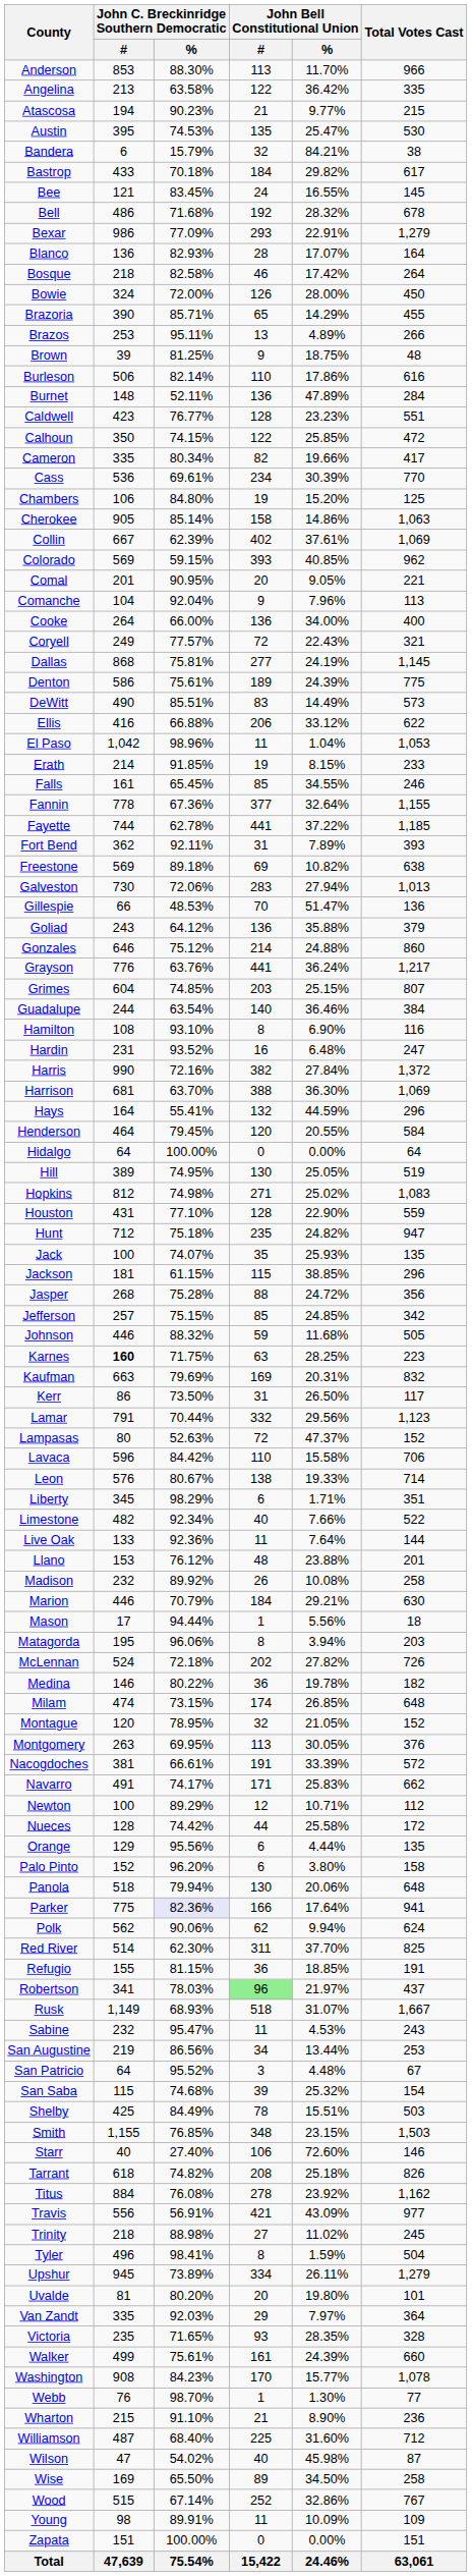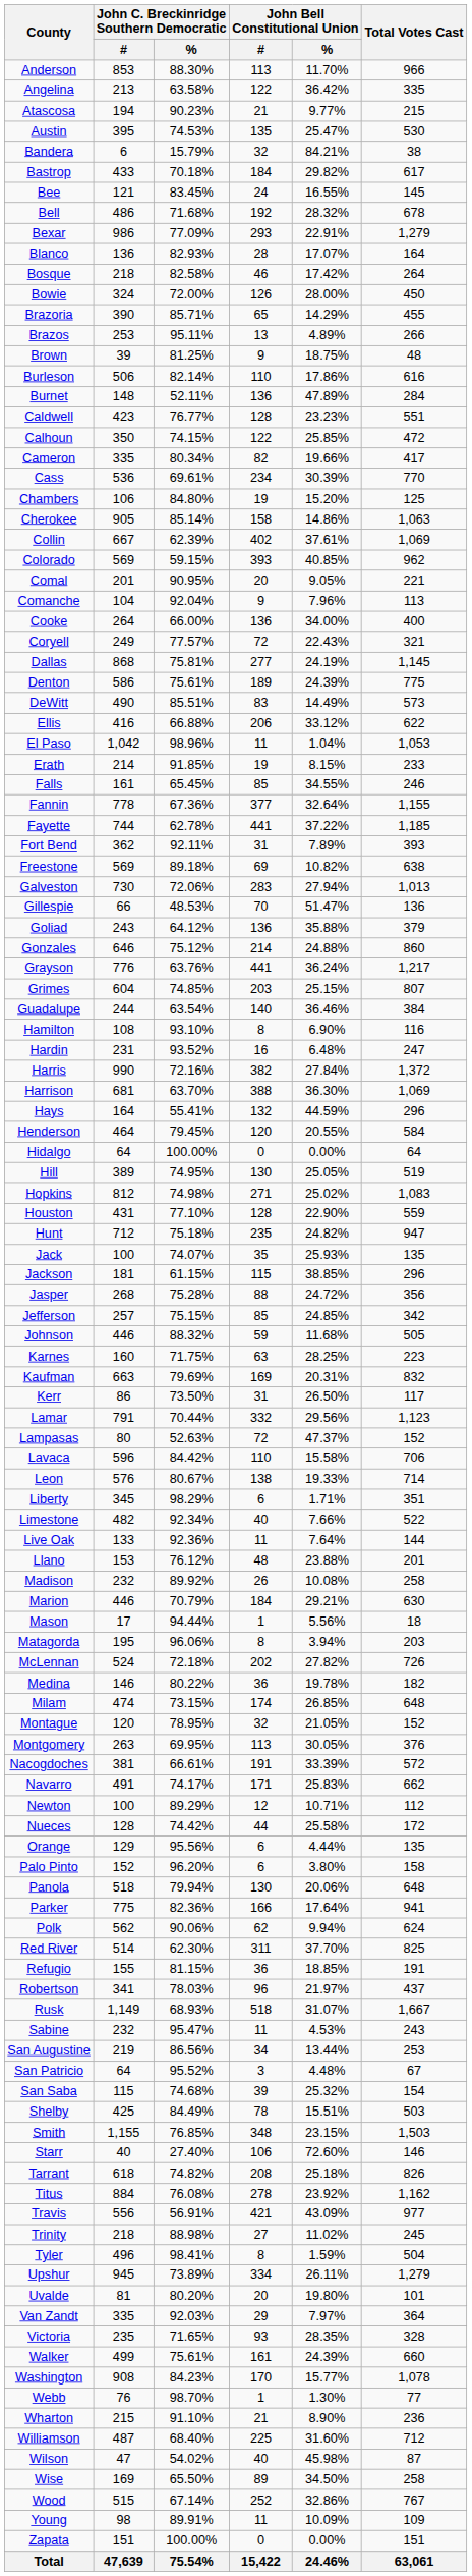 <table class="wikitable sortable">
 <tr>
 <th rowspan="2">County</th>
 <th colspan="2">John C. Breckinridge<br>Southern Democratic</th>
 <th colspan="2">John Bell<br>Constitutional Union</th>
 <th rowspan="2">Total Votes Cast</th>
 </tr>
 <tr style="text-align:center;">
 <th>#</th>
 <th>%</th>
 <th>#</th>
 <th>%</th>
 </tr>
 <tr style="text-align:center;">
 <td><a href='#'>Anderson</a></td>
 <td>853</td>
 <td>88.30%</td>
 <td>113</td>
 <td>11.70%</td>
 <td>966</td>
 </tr>
 <tr style="text-align:center;">
 <td><a href='#'>Angelina</a></td>
 <td>213</td>
 <td>63.58%</td>
 <td>122</td>
 <td>36.42%</td>
 <td>335</td>
 </tr>
 <tr style="text-align:center;">
 <td><a href='#'>Atascosa</a></td>
 <td>194</td>
 <td>90.23%</td>
 <td>21</td>
 <td>9.77%</td>
 <td>215</td>
 </tr>
 <tr style="text-align:center;">
 <td><a href='#'>Austin</a></td>
 <td>395</td>
 <td>74.53%</td>
 <td>135</td>
 <td>25.47%</td>
 <td>530</td>
 </tr>
 <tr style="text-align:center;">
 <td><a href='#'>Bandera</a></td>
 <td>6</td>
 <td>15.79%</td>
 <td>32</td>
 <td>84.21%</td>
 <td>38</td>
 </tr>
 <tr style="text-align:center;">
 <td><a href='#'>Bastrop</a></td>
 <td>433</td>
 <td>70.18%</td>
 <td>184</td>
 <td>29.82%</td>
 <td>617</td>
 </tr>
 <tr style="text-align:center;">
 <td><a href='#'>Bee</a></td>
 <td>121</td>
 <td>83.45%</td>
 <td>24</td>
 <td>16.55%</td>
 <td>145</td>
 </tr>
 <tr style="text-align:center;">
 <td><a href='#'>Bell</a></td>
 <td>486</td>
 <td>71.68%</td>
 <td>192</td>
 <td>28.32%</td>
 <td>678</td>
 </tr>
 <tr style="text-align:center;">
 <td><a href='#'>Bexar</a></td>
 <td>986</td>
 <td>77.09%</td>
 <td>293</td>
 <td>22.91%</td>
 <td>1,279</td>
 </tr>
 <tr style="text-align:center;">
 <td><a href='#'>Blanco</a></td>
 <td>136</td>
 <td>82.93%</td>
 <td>28</td>
 <td>17.07%</td>
 <td>164</td>
 </tr>
 <tr style="text-align:center;">
 <td><a href='#'>Bosque</a></td>
 <td>218</td>
 <td>82.58%</td>
 <td>46</td>
 <td>17.42%</td>
 <td>264</td>
 </tr>
 <tr style="text-align:center;">
 <td><a href='#'>Bowie</a></td>
 <td>324</td>
 <td>72.00%</td>
 <td>126</td>
 <td>28.00%</td>
 <td>450</td>
 </tr>
 <tr style="text-align:center;">
 <td><a href='#'>Brazoria</a></td>
 <td>390</td>
 <td>85.71%</td>
 <td>65</td>
 <td>14.29%</td>
 <td>455</td>
 </tr>
 <tr style="text-align:center;">
 <td><a href='#'>Brazos</a></td>
 <td>253</td>
 <td>95.11%</td>
 <td>13</td>
 <td>4.89%</td>
 <td>266</td>
 </tr>
 <tr style="text-align:center;">
 <td><a href='#'>Brown</a></td>
 <td>39</td>
 <td>81.25%</td>
 <td>9</td>
 <td>18.75%</td>
 <td>48</td>
 </tr>
 <tr style="text-align:center;">
 <td><a href='#'>Burleson</a></td>
 <td>506</td>
 <td>82.14%</td>
 <td>110</td>
 <td>17.86%</td>
 <td>616</td>
 </tr>
 <tr style="text-align:center;">
 <td><a href='#'>Burnet</a></td>
 <td>148</td>
 <td>52.11%</td>
 <td>136</td>
 <td>47.89%</td>
 <td>284</td>
 </tr>
 <tr style="text-align:center;">
 <td><a href='#'>Caldwell</a></td>
 <td>423</td>
 <td>76.77%</td>
 <td>128</td>
 <td>23.23%</td>
 <td>551</td>
 </tr>
 <tr style="text-align:center;">
 <td><a href='#'>Calhoun</a></td>
 <td>350</td>
 <td>74.15%</td>
 <td>122</td>
 <td>25.85%</td>
 <td>472</td>
 </tr>
 <tr style="text-align:center;">
 <td><a href='#'>Cameron</a></td>
 <td>335</td>
 <td>80.34%</td>
 <td>82</td>
 <td>19.66%</td>
 <td>417</td>
 </tr>
 <tr style="text-align:center;">
 <td><a href='#'>Cass</a></td>
 <td>536</td>
 <td>69.61%</td>
 <td>234</td>
 <td>30.39%</td>
 <td>770</td>
 </tr>
 <tr style="text-align:center;">
 <td><a href='#'>Chambers</a></td>
 <td>106</td>
 <td>84.80%</td>
 <td>19</td>
 <td>15.20%</td>
 <td>125</td>
 </tr>
 <tr style="text-align:center;">
 <td><a href='#'>Cherokee</a></td>
 <td>905</td>
 <td>85.14%</td>
 <td>158</td>
 <td>14.86%</td>
 <td>1,063</td>
 </tr>
 <tr style="text-align:center;">
 <td><a href='#'>Collin</a></td>
 <td>667</td>
 <td>62.39%</td>
 <td>402</td>
 <td>37.61%</td>
 <td>1,069</td>
 </tr>
 <tr style="text-align:center;">
 <td><a href='#'>Colorado</a></td>
 <td>569</td>
 <td>59.15%</td>
 <td>393</td>
 <td>40.85%</td>
 <td>962</td>
 </tr>
 <tr style="text-align:center;">
 <td><a href='#'>Comal</a></td>
 <td>201</td>
 <td>90.95%</td>
 <td>20</td>
 <td>9.05%</td>
 <td>221</td>
 </tr>
 <tr style="text-align:center;">
 <td><a href='#'>Comanche</a></td>
 <td>104</td>
 <td>92.04%</td>
 <td>9</td>
 <td>7.96%</td>
 <td>113</td>
 </tr>
 <tr style="text-align:center;">
 <td><a href='#'>Cooke</a></td>
 <td>264</td>
 <td>66.00%</td>
 <td>136</td>
 <td>34.00%</td>
 <td>400</td>
 </tr>
 <tr style="text-align:center;">
 <td><a href='#'>Coryell</a></td>
 <td>249</td>
 <td>77.57%</td>
 <td>72</td>
 <td>22.43%</td>
 <td>321</td>
 </tr>
 <tr style="text-align:center;">
 <td><a href='#'>Dallas</a></td>
 <td>868</td>
 <td>75.81%</td>
 <td>277</td>
 <td>24.19%</td>
 <td>1,145</td>
 </tr>
 <tr style="text-align:center;">
 <td><a href='#'>Denton</a></td>
 <td>586</td>
 <td>75.61%</td>
 <td>189</td>
 <td>24.39%</td>
 <td>775</td>
 </tr>
 <tr style="text-align:center;">
 <td><a href='#'>DeWitt</a></td>
 <td>490</td>
 <td>85.51%</td>
 <td>83</td>
 <td>14.49%</td>
 <td>573</td>
 </tr>
 <tr style="text-align:center;">
 <td><a href='#'>Ellis</a></td>
 <td>416</td>
 <td>66.88%</td>
 <td>206</td>
 <td>33.12%</td>
 <td>622</td>
 </tr>
 <tr style="text-align:center;">
 <td><a href='#'>El Paso</a></td>
 <td>1,042</td>
 <td>98.96%</td>
 <td>11</td>
 <td>1.04%</td>
 <td>1,053</td>
 </tr>
 <tr style="text-align:center;">
 <td><a href='#'>Erath</a></td>
 <td>214</td>
 <td>91.85%</td>
 <td>19</td>
 <td>8.15%</td>
 <td>233</td>
 </tr>
 <tr style="text-align:center;">
 <td><a href='#'>Falls</a></td>
 <td>161</td>
 <td>65.45%</td>
 <td>85</td>
 <td>34.55%</td>
 <td>246</td>
 </tr>
 <tr style="text-align:center;">
 <td><a href='#'>Fannin</a></td>
 <td>778</td>
 <td>67.36%</td>
 <td>377</td>
 <td>32.64%</td>
 <td>1,155</td>
 </tr>
 <tr style="text-align:center;">
 <td><a href='#'>Fayette</a></td>
 <td>744</td>
 <td>62.78%</td>
 <td>441</td>
 <td>37.22%</td>
 <td>1,185</td>
 </tr>
 <tr style="text-align:center;">
 <td><a href='#'>Fort Bend</a></td>
 <td>362</td>
 <td>92.11%</td>
 <td>31</td>
 <td>7.89%</td>
 <td>393</td>
 </tr>
 <tr style="text-align:center;">
 <td><a href='#'>Freestone</a></td>
 <td>569</td>
 <td>89.18%</td>
 <td>69</td>
 <td>10.82%</td>
 <td>638</td>
 </tr>
 <tr style="text-align:center;">
 <td><a href='#'>Galveston</a></td>
 <td>730</td>
 <td>72.06%</td>
 <td>283</td>
 <td>27.94%</td>
 <td>1,013</td>
 </tr>
 <tr style="text-align:center;">
 <td><a href='#'>Gillespie</a></td>
 <td>66</td>
 <td>48.53%</td>
 <td>70</td>
 <td>51.47%</td>
 <td>136</td>
 </tr>
 <tr style="text-align:center;">
 <td><a href='#'>Goliad</a></td>
 <td>243</td>
 <td>64.12%</td>
 <td>136</td>
 <td>35.88%</td>
 <td>379</td>
 </tr>
 <tr style="text-align:center;">
 <td><a href='#'>Gonzales</a></td>
 <td>646</td>
 <td>75.12%</td>
 <td>214</td>
 <td>24.88%</td>
 <td>860</td>
 </tr>
 <tr style="text-align:center;">
 <td><a href='#'>Grayson</a></td>
 <td>776</td>
 <td>63.76%</td>
 <td>441</td>
 <td>36.24%</td>
 <td>1,217</td>
 </tr>
 <tr style="text-align:center;">
 <td><a href='#'>Grimes</a></td>
 <td>604</td>
 <td>74.85%</td>
 <td>203</td>
 <td>25.15%</td>
 <td>807</td>
 </tr>
 <tr style="text-align:center;">
 <td><a href='#'>Guadalupe</a></td>
 <td>244</td>
 <td>63.54%</td>
 <td>140</td>
 <td>36.46%</td>
 <td>384</td>
 </tr>
 <tr style="text-align:center;">
 <td><a href='#'>Hamilton</a></td>
 <td>108</td>
 <td>93.10%</td>
 <td>8</td>
 <td>6.90%</td>
 <td>116</td>
 </tr>
 <tr style="text-align:center;">
 <td><a href='#'>Hardin</a></td>
 <td>231</td>
 <td>93.52%</td>
 <td>16</td>
 <td>6.48%</td>
 <td>247</td>
 </tr>
 <tr style="text-align:center;">
 <td><a href='#'>Harris</a></td>
 <td>990</td>
 <td>72.16%</td>
 <td>382</td>
 <td>27.84%</td>
 <td>1,372</td>
 </tr>
 <tr style="text-align:center;">
 <td><a href='#'>Harrison</a></td>
 <td>681</td>
 <td>63.70%</td>
 <td>388</td>
 <td>36.30%</td>
 <td>1,069</td>
 </tr>
 <tr style="text-align:center;">
 <td><a href='#'>Hays</a></td>
 <td>164</td>
 <td>55.41%</td>
 <td>132</td>
 <td>44.59%</td>
 <td>296</td>
 </tr>
 <tr style="text-align:center;">
 <td><a href='#'>Henderson</a></td>
 <td>464</td>
 <td>79.45%</td>
 <td>120</td>
 <td>20.55%</td>
 <td>584</td>
 </tr>
 <tr style="text-align:center;">
 <td><a href='#'>Hidalgo</a></td>
 <td>64</td>
 <td>100.00%</td>
 <td>0</td>
 <td>0.00%</td>
 <td>64</td>
 </tr>
 <tr style="text-align:center;">
 <td><a href='#'>Hill</a></td>
 <td>389</td>
 <td>74.95%</td>
 <td>130</td>
 <td>25.05%</td>
 <td>519</td>
 </tr>
 <tr style="text-align:center;">
 <td><a href='#'>Hopkins</a></td>
 <td>812</td>
 <td>74.98%</td>
 <td>271</td>
 <td>25.02%</td>
 <td>1,083</td>
 </tr>
 <tr style="text-align:center;">
 <td><a href='#'>Houston</a></td>
 <td>431</td>
 <td>77.10%</td>
 <td>128</td>
 <td>22.90%</td>
 <td>559</td>
 </tr>
 <tr style="text-align:center;">
 <td><a href='#'>Hunt</a></td>
 <td>712</td>
 <td>75.18%</td>
 <td>235</td>
 <td>24.82%</td>
 <td>947</td>
 </tr>
 <tr style="text-align:center;">
 <td><a href='#'>Jack</a></td>
 <td>100</td>
 <td>74.07%</td>
 <td>35</td>
 <td>25.93%</td>
 <td>135</td>
 </tr>
 <tr style="text-align:center;">
 <td><a href='#'>Jackson</a></td>
 <td>181</td>
 <td>61.15%</td>
 <td>115</td>
 <td>38.85%</td>
 <td>296</td>
 </tr>
 <tr style="text-align:center;">
 <td><a href='#'>Jasper</a></td>
 <td>268</td>
 <td>75.28%</td>
 <td>88</td>
 <td>24.72%</td>
 <td>356</td>
 </tr>
 <tr style="text-align:center;">
 <td><a href='#'>Jefferson</a></td>
 <td>257</td>
 <td>75.15%</td>
 <td>85</td>
 <td>24.85%</td>
 <td>342</td>
 </tr>
 <tr style="text-align:center;">
 <td><a href='#'>Johnson</a></td>
 <td>446</td>
 <td>88.32%</td>
 <td>59</td>
 <td>11.68%</td>
 <td>505</td>
 </tr>
 <tr style="text-align:center;">
 <td><a href='#'>Karnes</a></td>
-<td><strong>160</strong></td>
+<td>160</td>
 <td>71.75%</td>
 <td>63</td>
 <td>28.25%</td>
 <td>223</td>
 </tr>
 <tr style="text-align:center;">
 <td><a href='#'>Kaufman</a></td>
 <td>663</td>
 <td>79.69%</td>
 <td>169</td>
 <td>20.31%</td>
 <td>832</td>
 </tr>
 <tr style="text-align:center;">
 <td><a href='#'>Kerr</a></td>
 <td>86</td>
 <td>73.50%</td>
 <td>31</td>
 <td>26.50%</td>
 <td>117</td>
 </tr>
 <tr style="text-align:center;">
 <td><a href='#'>Lamar</a></td>
 <td>791</td>
 <td>70.44%</td>
 <td>332</td>
 <td>29.56%</td>
 <td>1,123</td>
 </tr>
 <tr style="text-align:center;">
 <td><a href='#'>Lampasas</a></td>
 <td>80</td>
 <td>52.63%</td>
 <td>72</td>
 <td>47.37%</td>
 <td>152</td>
 </tr>
 <tr style="text-align:center;">
 <td><a href='#'>Lavaca</a></td>
 <td>596</td>
 <td>84.42%</td>
 <td>110</td>
 <td>15.58%</td>
 <td>706</td>
 </tr>
 <tr style="text-align:center;">
 <td><a href='#'>Leon</a></td>
 <td>576</td>
 <td>80.67%</td>
 <td>138</td>
 <td>19.33%</td>
 <td>714</td>
 </tr>
 <tr style="text-align:center;">
 <td><a href='#'>Liberty</a></td>
 <td>345</td>
 <td>98.29%</td>
 <td>6</td>
 <td>1.71%</td>
 <td>351</td>
 </tr>
 <tr style="text-align:center;">
 <td><a href='#'>Limestone</a></td>
 <td>482</td>
 <td>92.34%</td>
 <td>40</td>
 <td>7.66%</td>
 <td>522</td>
 </tr>
 <tr style="text-align:center;">
 <td><a href='#'>Live Oak</a></td>
 <td>133</td>
 <td>92.36%</td>
 <td>11</td>
 <td>7.64%</td>
 <td>144</td>
 </tr>
 <tr style="text-align:center;">
 <td><a href='#'>Llano</a></td>
 <td>153</td>
 <td>76.12%</td>
 <td>48</td>
 <td>23.88%</td>
 <td>201</td>
 </tr>
 <tr style="text-align:center;">
 <td><a href='#'>Madison</a></td>
 <td>232</td>
 <td>89.92%</td>
 <td>26</td>
 <td>10.08%</td>
 <td>258</td>
 </tr>
 <tr style="text-align:center;">
 <td><a href='#'>Marion</a></td>
 <td>446</td>
 <td>70.79%</td>
 <td>184</td>
 <td>29.21%</td>
 <td>630</td>
 </tr>
 <tr style="text-align:center;">
 <td><a href='#'>Mason</a></td>
 <td>17</td>
 <td>94.44%</td>
 <td>1</td>
 <td>5.56%</td>
 <td>18</td>
 </tr>
 <tr style="text-align:center;">
 <td><a href='#'>Matagorda</a></td>
 <td>195</td>
 <td>96.06%</td>
 <td>8</td>
 <td>3.94%</td>
 <td>203</td>
 </tr>
 <tr style="text-align:center;">
 <td><a href='#'>McLennan</a></td>
 <td>524</td>
 <td>72.18%</td>
 <td>202</td>
 <td>27.82%</td>
 <td>726</td>
 </tr>
 <tr style="text-align:center;">
 <td><a href='#'>Medina</a></td>
 <td>146</td>
 <td>80.22%</td>
 <td>36</td>
 <td>19.78%</td>
 <td>182</td>
 </tr>
 <tr style="text-align:center;">
 <td><a href='#'>Milam</a></td>
 <td>474</td>
 <td>73.15%</td>
 <td>174</td>
 <td>26.85%</td>
 <td>648</td>
 </tr>
 <tr style="text-align:center;">
 <td><a href='#'>Montague</a></td>
 <td>120</td>
 <td>78.95%</td>
 <td>32</td>
 <td>21.05%</td>
 <td>152</td>
 </tr>
 <tr style="text-align:center;">
 <td><a href='#'>Montgomery</a></td>
 <td>263</td>
 <td>69.95%</td>
 <td>113</td>
 <td>30.05%</td>
 <td>376</td>
 </tr>
 <tr style="text-align:center;">
 <td><a href='#'>Nacogdoches</a></td>
 <td>381</td>
 <td>66.61%</td>
 <td>191</td>
 <td>33.39%</td>
 <td>572</td>
 </tr>
 <tr style="text-align:center;">
 <td><a href='#'>Navarro</a></td>
 <td>491</td>
 <td>74.17%</td>
 <td>171</td>
 <td>25.83%</td>
 <td>662</td>
 </tr>
 <tr style="text-align:center;">
 <td><a href='#'>Newton</a></td>
 <td>100</td>
 <td>89.29%</td>
 <td>12</td>
 <td>10.71%</td>
 <td>112</td>
 </tr>
 <tr style="text-align:center;">
 <td><a href='#'>Nueces</a></td>
 <td>128</td>
 <td>74.42%</td>
 <td>44</td>
 <td>25.58%</td>
 <td>172</td>
 </tr>
 <tr style="text-align:center;">
 <td><a href='#'>Orange</a></td>
 <td>129</td>
 <td>95.56%</td>
 <td>6</td>
 <td>4.44%</td>
 <td>135</td>
 </tr>
 <tr style="text-align:center;">
 <td><a href='#'>Palo Pinto</a></td>
 <td>152</td>
 <td>96.20%</td>
 <td>6</td>
 <td>3.80%</td>
 <td>158</td>
 </tr>
 <tr style="text-align:center;">
 <td><a href='#'>Panola</a></td>
 <td>518</td>
 <td>79.94%</td>
 <td>130</td>
 <td>20.06%</td>
 <td>648</td>
 </tr>
 <tr style="text-align:center;">
 <td><a href='#'>Parker</a></td>
 <td>775</td>
-<td style="background: lavender;">82.36%</td>
+<td>82.36%</td>
 <td>166</td>
 <td>17.64%</td>
 <td>941</td>
 </tr>
 <tr style="text-align:center;">
 <td><a href='#'>Polk</a></td>
 <td>562</td>
 <td>90.06%</td>
 <td>62</td>
 <td>9.94%</td>
 <td>624</td>
 </tr>
 <tr style="text-align:center;">
 <td><a href='#'>Red River</a></td>
 <td>514</td>
 <td>62.30%</td>
 <td>311</td>
 <td>37.70%</td>
 <td>825</td>
 </tr>
 <tr style="text-align:center;">
 <td><a href='#'>Refugio</a></td>
 <td>155</td>
 <td>81.15%</td>
 <td>36</td>
 <td>18.85%</td>
 <td>191</td>
 </tr>
 <tr style="text-align:center;">
 <td><a href='#'>Robertson</a></td>
 <td>341</td>
 <td>78.03%</td>
-<td style="background: lightgreen;">96</td>
+<td>96</td>
 <td>21.97%</td>
 <td>437</td>
 </tr>
 <tr style="text-align:center;">
 <td><a href='#'>Rusk</a></td>
 <td>1,149</td>
 <td>68.93%</td>
 <td>518</td>
 <td>31.07%</td>
 <td>1,667</td>
 </tr>
 <tr style="text-align:center;">
 <td><a href='#'>Sabine</a></td>
 <td>232</td>
 <td>95.47%</td>
 <td>11</td>
 <td>4.53%</td>
 <td>243</td>
 </tr>
 <tr style="text-align:center;">
 <td><a href='#'>San Augustine</a></td>
 <td>219</td>
 <td>86.56%</td>
 <td>34</td>
 <td>13.44%</td>
 <td>253</td>
 </tr>
 <tr style="text-align:center;">
 <td><a href='#'>San Patricio</a></td>
 <td>64</td>
 <td>95.52%</td>
 <td>3</td>
 <td>4.48%</td>
 <td>67</td>
 </tr>
 <tr style="text-align:center;">
 <td><a href='#'>San Saba</a></td>
 <td>115</td>
 <td>74.68%</td>
 <td>39</td>
 <td>25.32%</td>
 <td>154</td>
 </tr>
 <tr style="text-align:center;">
 <td><a href='#'>Shelby</a></td>
 <td>425</td>
 <td>84.49%</td>
 <td>78</td>
 <td>15.51%</td>
 <td>503</td>
 </tr>
 <tr style="text-align:center;">
 <td><a href='#'>Smith</a></td>
 <td>1,155</td>
 <td>76.85%</td>
 <td>348</td>
 <td>23.15%</td>
 <td>1,503</td>
 </tr>
 <tr style="text-align:center;">
 <td><a href='#'>Starr</a></td>
 <td>40</td>
 <td>27.40%</td>
 <td>106</td>
 <td>72.60%</td>
 <td>146</td>
 </tr>
 <tr style="text-align:center;">
 <td><a href='#'>Tarrant</a></td>
 <td>618</td>
 <td>74.82%</td>
 <td>208</td>
 <td>25.18%</td>
 <td>826</td>
 </tr>
 <tr style="text-align:center;">
 <td><a href='#'>Titus</a></td>
 <td>884</td>
 <td>76.08%</td>
 <td>278</td>
 <td>23.92%</td>
 <td>1,162</td>
 </tr>
 <tr style="text-align:center;">
 <td><a href='#'>Travis</a></td>
 <td>556</td>
 <td>56.91%</td>
 <td>421</td>
 <td>43.09%</td>
 <td>977</td>
 </tr>
 <tr style="text-align:center;">
 <td><a href='#'>Trinity</a></td>
 <td>218</td>
 <td>88.98%</td>
 <td>27</td>
 <td>11.02%</td>
 <td>245</td>
 </tr>
 <tr style="text-align:center;">
 <td><a href='#'>Tyler</a></td>
 <td>496</td>
 <td>98.41%</td>
 <td>8</td>
 <td>1.59%</td>
 <td>504</td>
 </tr>
 <tr style="text-align:center;">
 <td><a href='#'>Upshur</a></td>
 <td>945</td>
 <td>73.89%</td>
 <td>334</td>
 <td>26.11%</td>
 <td>1,279</td>
 </tr>
 <tr style="text-align:center;">
 <td><a href='#'>Uvalde</a></td>
 <td>81</td>
 <td>80.20%</td>
 <td>20</td>
 <td>19.80%</td>
 <td>101</td>
 </tr>
 <tr style="text-align:center;">
 <td><a href='#'>Van Zandt</a></td>
 <td>335</td>
 <td>92.03%</td>
 <td>29</td>
 <td>7.97%</td>
 <td>364</td>
 </tr>
 <tr style="text-align:center;">
 <td><a href='#'>Victoria</a></td>
 <td>235</td>
 <td>71.65%</td>
 <td>93</td>
 <td>28.35%</td>
 <td>328</td>
 </tr>
 <tr style="text-align:center;">
 <td><a href='#'>Walker</a></td>
 <td>499</td>
 <td>75.61%</td>
 <td>161</td>
 <td>24.39%</td>
 <td>660</td>
 </tr>
 <tr style="text-align:center;">
 <td><a href='#'>Washington</a></td>
 <td>908</td>
 <td>84.23%</td>
 <td>170</td>
 <td>15.77%</td>
 <td>1,078</td>
 </tr>
 <tr style="text-align:center;">
 <td><a href='#'>Webb</a></td>
 <td>76</td>
 <td>98.70%</td>
 <td>1</td>
 <td>1.30%</td>
 <td>77</td>
 </tr>
 <tr style="text-align:center;">
 <td><a href='#'>Wharton</a></td>
 <td>215</td>
 <td>91.10%</td>
 <td>21</td>
 <td>8.90%</td>
 <td>236</td>
 </tr>
 <tr style="text-align:center;">
 <td><a href='#'>Williamson</a></td>
 <td>487</td>
 <td>68.40%</td>
 <td>225</td>
 <td>31.60%</td>
 <td>712</td>
 </tr>
 <tr style="text-align:center;">
 <td><a href='#'>Wilson</a></td>
 <td>47</td>
 <td>54.02%</td>
 <td>40</td>
 <td>45.98%</td>
 <td>87</td>
 </tr>
 <tr style="text-align:center;">
 <td><a href='#'>Wise</a></td>
 <td>169</td>
 <td>65.50%</td>
 <td>89</td>
 <td>34.50%</td>
 <td>258</td>
 </tr>
 <tr style="text-align:center;">
 <td><a href='#'>Wood</a></td>
 <td>515</td>
 <td>67.14%</td>
 <td>252</td>
 <td>32.86%</td>
 <td>767</td>
 </tr>
 <tr style="text-align:center;">
 <td><a href='#'>Young</a></td>
 <td>98</td>
 <td>89.91%</td>
 <td>11</td>
 <td>10.09%</td>
 <td>109</td>
 </tr>
 <tr style="text-align:center;">
 <td><a href='#'>Zapata</a></td>
 <td>151</td>
 <td>100.00%</td>
 <td>0</td>
 <td>0.00%</td>
 <td>151</td>
 </tr>
 <tr style="text-align:center;">
 <th>Total</th>
 <th>47,639</th>
 <th>75.54%</th>
 <th>15,422</th>
 <th>24.46%</th>
 <th>63,061</th>
 </tr>
 </table>
